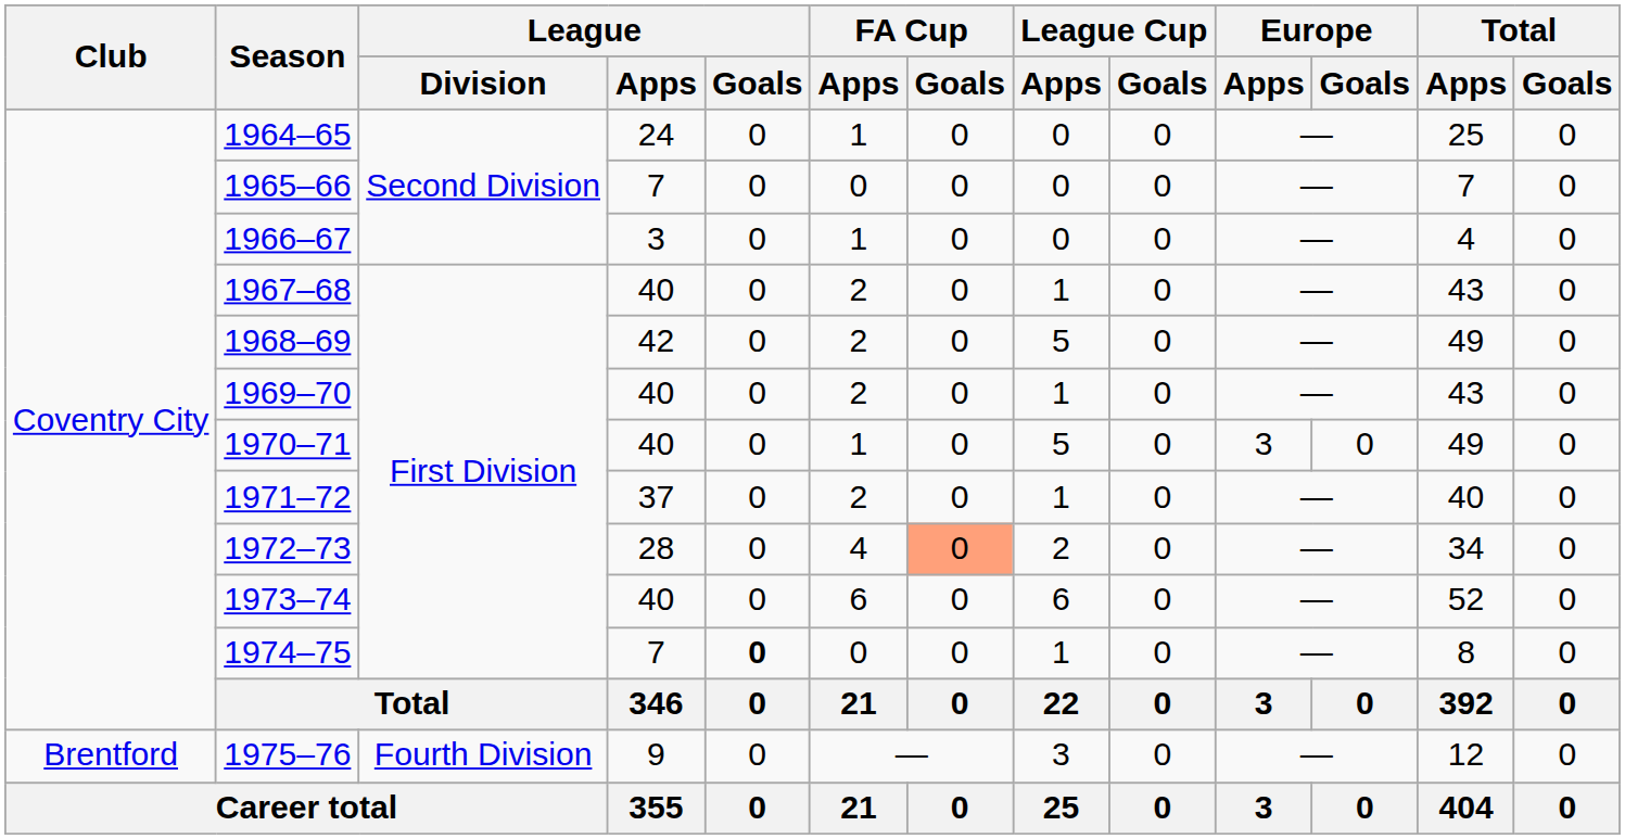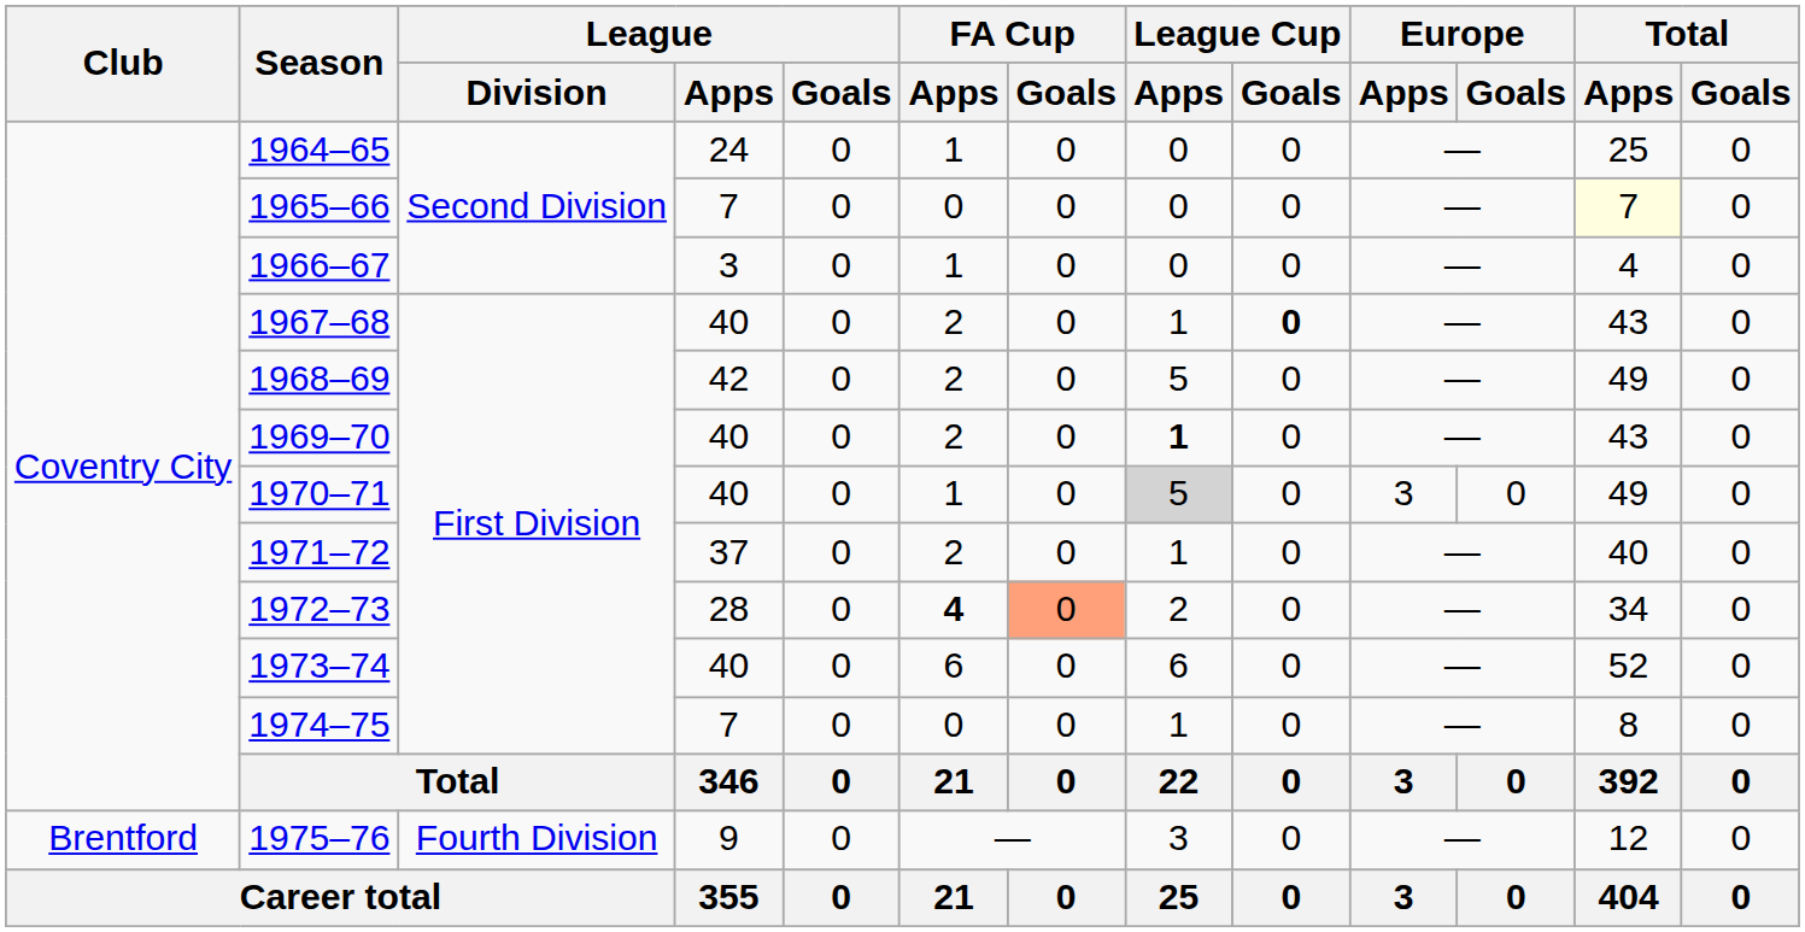 <table class="wikitable" style="text-align: center;">
 <tr>
 <th rowspan="2">Club</th>
 <th rowspan="2">Season</th>
 <th colspan="3">League</th>
 <th colspan="2">FA Cup</th>
 <th colspan="2">League Cup</th>
 <th colspan="2">Europe</th>
 <th colspan="2">Total</th>
 </tr>
 <tr>
 <th>Division</th>
 <th>Apps</th>
 <th>Goals</th>
 <th>Apps</th>
 <th>Goals</th>
 <th>Apps</th>
 <th>Goals</th>
 <th>Apps</th>
 <th>Goals</th>
 <th>Apps</th>
 <th>Goals</th>
 </tr>
 <tr>
 <td rowspan="12"><a href='#'>Coventry City</a></td>
 <td><a href='#'>1964–65</a></td>
 <td rowspan="3"><a href='#'>Second Division</a></td>
 <td>24</td>
 <td>0</td>
 <td>1</td>
 <td>0</td>
 <td>0</td>
 <td>0</td>
 <td colspan="2">—</td>
 <td>25</td>
 <td>0</td>
 </tr>
 <tr>
 <td><a href='#'>1965–66</a></td>
 <td>7</td>
 <td>0</td>
 <td>0</td>
 <td>0</td>
 <td>0</td>
 <td>0</td>
 <td colspan="2">—</td>
-<td>7</td>
+<td style="background: lightyellow;">7</td>
 <td>0</td>
 </tr>
 <tr>
 <td><a href='#'>1966–67</a></td>
 <td>3</td>
 <td>0</td>
 <td>1</td>
 <td>0</td>
 <td>0</td>
 <td>0</td>
 <td colspan="2">—</td>
 <td>4</td>
 <td>0</td>
 </tr>
 <tr>
 <td><a href='#'>1967–68</a></td>
 <td rowspan="8"><a href='#'>First Division</a></td>
 <td>40</td>
 <td>0</td>
 <td>2</td>
 <td>0</td>
 <td>1</td>
-<td>0</td>
+<td><strong>0</strong></td>
 <td colspan="2">—</td>
 <td>43</td>
 <td>0</td>
 </tr>
 <tr>
 <td><a href='#'>1968–69</a></td>
 <td>42</td>
 <td>0</td>
 <td>2</td>
 <td>0</td>
 <td>5</td>
 <td>0</td>
 <td colspan="2">—</td>
 <td>49</td>
 <td>0</td>
 </tr>
 <tr>
 <td><a href='#'>1969–70</a></td>
 <td>40</td>
 <td>0</td>
 <td>2</td>
 <td>0</td>
-<td>1</td>
+<td><strong>1</strong></td>
 <td>0</td>
 <td colspan="2">—</td>
 <td>43</td>
 <td>0</td>
 </tr>
 <tr>
 <td><a href='#'>1970–71</a></td>
 <td>40</td>
 <td>0</td>
 <td>1</td>
 <td>0</td>
-<td>5</td>
+<td style="background: lightgrey;">5</td>
 <td>0</td>
 <td>3</td>
 <td>0</td>
 <td>49</td>
 <td>0</td>
 </tr>
 <tr>
 <td><a href='#'>1971–72</a></td>
 <td>37</td>
 <td>0</td>
 <td>2</td>
 <td>0</td>
 <td>1</td>
 <td>0</td>
 <td colspan="2">—</td>
 <td>40</td>
 <td>0</td>
 </tr>
 <tr>
 <td><a href='#'>1972–73</a></td>
 <td>28</td>
 <td>0</td>
-<td>4</td>
+<td><strong>4</strong></td>
 <td style="background: lightsalmon;">0</td>
 <td>2</td>
 <td>0</td>
 <td colspan="2">—</td>
 <td>34</td>
 <td>0</td>
 </tr>
 <tr>
 <td><a href='#'>1973–74</a></td>
 <td>40</td>
 <td>0</td>
 <td>6</td>
 <td>0</td>
 <td>6</td>
 <td>0</td>
 <td colspan="2">—</td>
 <td>52</td>
 <td>0</td>
 </tr>
 <tr>
 <td><a href='#'>1974–75</a></td>
 <td>7</td>
-<td><strong>0</strong></td>
+<td>0</td>
 <td>0</td>
 <td>0</td>
 <td>1</td>
 <td>0</td>
 <td colspan="2">—</td>
 <td>8</td>
 <td>0</td>
 </tr>
 <tr>
 <th colspan="2">Total</th>
 <th>346</th>
 <th>0</th>
 <th>21</th>
 <th>0</th>
 <th>22</th>
 <th>0</th>
 <th>3</th>
 <th>0</th>
 <th>392</th>
 <th>0</th>
 </tr>
 <tr>
 <td><a href='#'>Brentford</a></td>
 <td><a href='#'>1975–76</a></td>
 <td><a href='#'>Fourth Division</a></td>
 <td>9</td>
 <td>0</td>
 <td colspan="2">—</td>
 <td>3</td>
 <td>0</td>
 <td colspan="2">—</td>
 <td>12</td>
 <td>0</td>
 </tr>
 <tr>
 <th colspan="3">Career total</th>
 <th>355</th>
 <th>0</th>
 <th>21</th>
 <th>0</th>
 <th>25</th>
 <th>0</th>
 <th>3</th>
 <th>0</th>
 <th>404</th>
 <th>0</th>
 </tr>
 </table>
